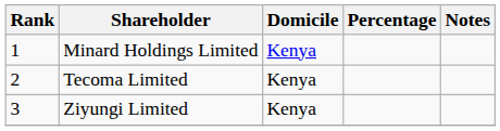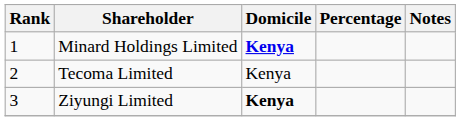 <table class="wikitable sortable" style="margin: 0.5em auto">
 <tr>
 <th>Rank</th>
 <th>Shareholder</th>
 <th>Domicile</th>
 <th>Percentage</th>
 <th>Notes</th>
 </tr>
 <tr>
 <td>1</td>
 <td>Minard Holdings Limited</td>
-<td><a href='#'>Kenya</a></td>
+<td><strong><a href='#'>Kenya</a></strong></td>
 <td></td>
 <td></td>
 </tr>
 <tr>
 <td>2</td>
 <td>Tecoma Limited</td>
 <td>Kenya</td>
 <td></td>
 <td></td>
 </tr>
 <tr>
 <td>3</td>
 <td>Ziyungi Limited</td>
-<td>Kenya</td>
+<td><strong>Kenya</strong></td>
 <td></td>
 <td></td>
 </tr>
 <tr>
 </tr>
 </table>
